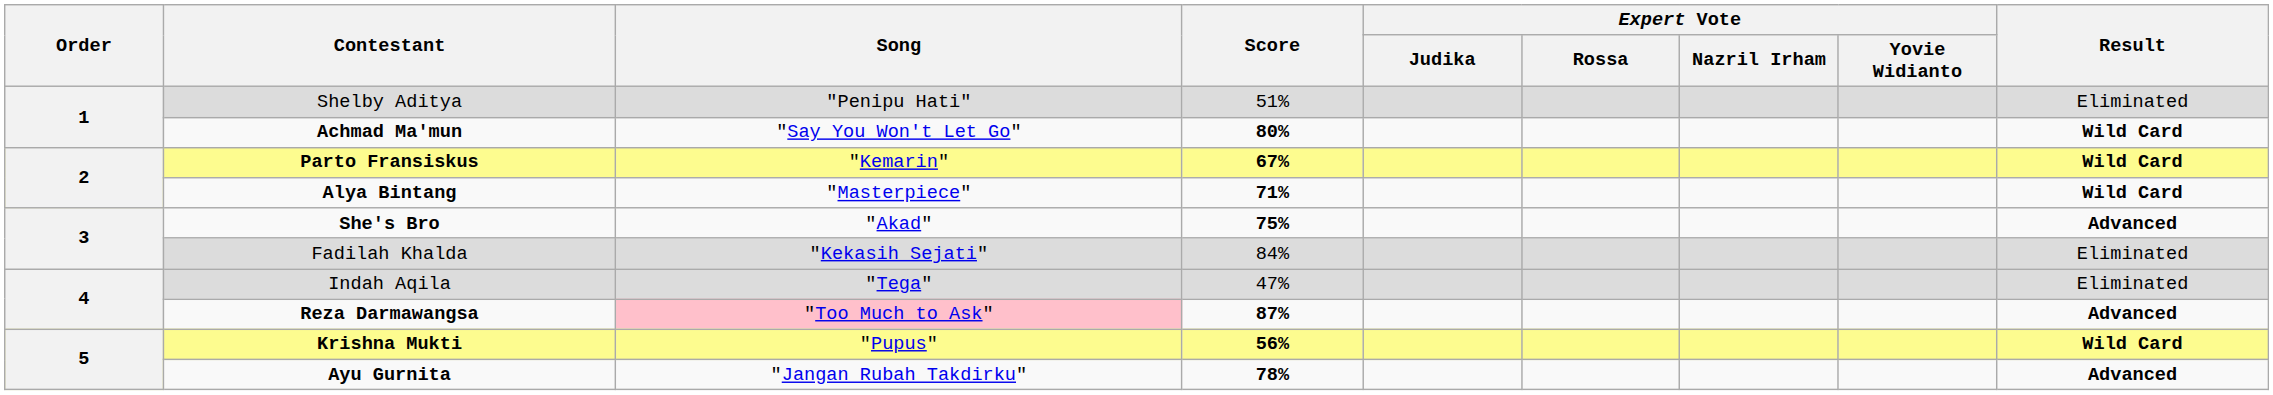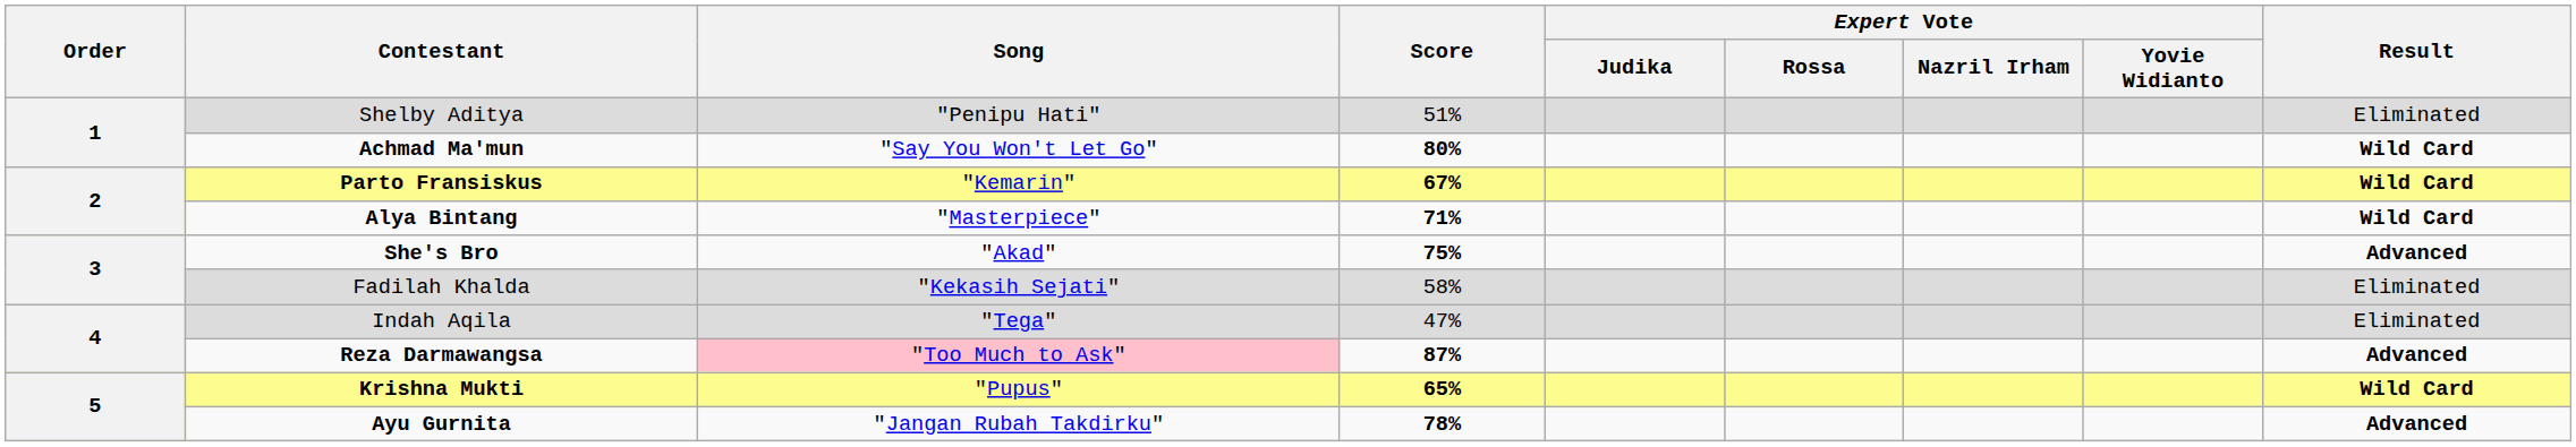 <table class="wikitable" style="text-align:center; width:100%;">
 <tr>
 <th scope="col" rowspan="2" style="width:7%;">Order</th>
 <th scope="col" rowspan="2" style="width:20%;">Contestant</th>
 <th scope="col" rowspan="2" style="width:25%;">Song</th>
 <th rowspan="2" style="width:8%">Score</th>
 <th scope="col" colspan="4" style="width:28%;"><em>Expert</em> Vote</th>
 <th rowspan="2" style="width:12%">Result</th>
 </tr>
 <tr>
 <th style="width:07%;">Judika</th>
 <th style="width:07%;">Rossa</th>
 <th style="width:07%;">Nazril Irham</th>
 <th style="width:07%;">Yovie Widianto</th>
 </tr>
 <tr style="background:#DCDCDC;">
 <th rowspan="2">1</th>
 <td>Shelby Aditya</td>
 <td>"Penipu Hati"</td>
 <td>51%</td>
 <td></td>
 <td></td>
 <td></td>
 <td></td>
 <td>Eliminated</td>
 </tr>
 <tr>
 <td><strong>Achmad Ma'mun</strong></td>
 <td>"<a href='#'>Say You Won't Let Go</a>"</td>
 <td><strong>80%</strong></td>
 <td></td>
 <td></td>
 <td></td>
 <td></td>
 <td><strong>Wild Card</strong></td>
 </tr>
 <tr style="background:#fdfc8f">
 <th rowspan="2">2</th>
 <td><strong>Parto Fransiskus</strong></td>
 <td>"<a href='#'>Kemarin</a>"</td>
 <td><strong>67%</strong></td>
 <td></td>
 <td></td>
 <td></td>
 <td></td>
 <td><strong>Wild Card</strong></td>
 </tr>
 <tr>
 <td><strong>Alya Bintang</strong></td>
 <td>"<a href='#'>Masterpiece</a>"</td>
 <td><strong>71%</strong></td>
 <td></td>
 <td></td>
 <td></td>
 <td></td>
 <td><strong>Wild Card</strong></td>
 </tr>
 <tr>
 <th rowspan="2">3</th>
 <td><strong>She's Bro</strong></td>
 <td>"<a href='#'>Akad</a>"</td>
 <td><strong>75%</strong></td>
 <td></td>
 <td></td>
 <td></td>
 <td></td>
 <td><strong>Advanced</strong></td>
 </tr>
 <tr style="background:#DCDCDC;">
 <td>Fadilah Khalda</td>
 <td>"<a href='#'>Kekasih Sejati</a>"</td>
-<td>84%</td>
+<td>58%</td>
 <td></td>
 <td></td>
 <td></td>
 <td></td>
 <td>Eliminated</td>
 </tr>
 <tr style="background:#DCDCDC;">
 <th rowspan="2">4</th>
 <td>Indah Aqila</td>
 <td>"<a href='#'>Tega</a>"</td>
 <td>47%</td>
 <td></td>
 <td></td>
 <td></td>
 <td></td>
 <td>Eliminated</td>
 </tr>
 <tr>
 <td><strong>Reza Darmawangsa</strong></td>
 <td style="background: pink;">"<a href='#'>Too Much to Ask</a>"</td>
 <td><strong>87%</strong></td>
 <td></td>
 <td></td>
 <td></td>
 <td></td>
 <td><strong>Advanced</strong></td>
 </tr>
 <tr style="background:#fdfc8f">
 <th rowspan="2">5</th>
 <td><strong>Krishna Mukti</strong></td>
 <td>"<a href='#'>Pupus</a>"</td>
-<td><strong>56%</strong></td>
+<td><strong>65%</strong></td>
 <td></td>
 <td></td>
 <td></td>
 <td></td>
 <td><strong>Wild Card</strong></td>
 </tr>
 <tr>
 <td><strong>Ayu Gurnita</strong></td>
 <td>"<a href='#'>Jangan Rubah Takdirku</a>"</td>
 <td><strong>78%</strong></td>
 <td></td>
 <td></td>
 <td></td>
 <td></td>
 <td><strong>Advanced</strong></td>
 </tr>
 </table>
